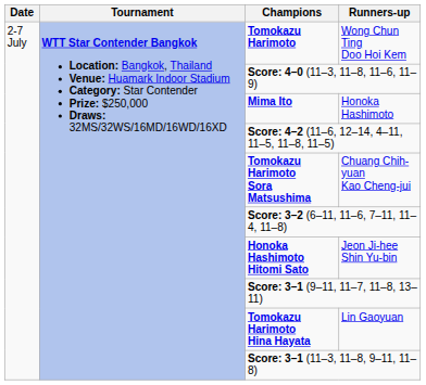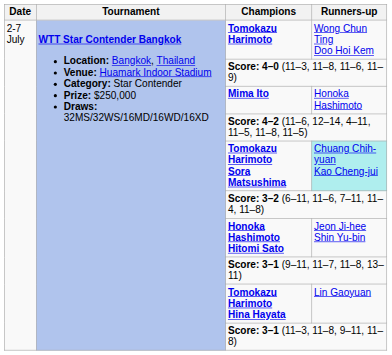 <table class="wikitable">
 <tr>
 <th scope=col>Date</th>
 <th scope=col>Tournament</th>
 <th scope=col>Champions</th>
 <th scope=col>Runners-up</th>
 </tr>
 <tr valign=top>
 <td rowspan=10>2-7 July</td>
 <td style="background:#b0c4ed;" rowspan="10"><br><strong><a href='#'>WTT Star Contender Bangkok</a></strong><ul><li><strong>Location:</strong> <a href='#'>Bangkok</a>, <a href='#'>Thailand</a></li><li><strong>Venue:</strong> <a href='#'>Huamark Indoor Stadium</a></li><li><strong>Category:</strong> Star Contender</li><li><strong>Prize:</strong> $250,000</li><li><strong>Draws:</strong> 32MS/32WS/16MD/16WD/16XD</li></ul></td>
 <td><strong> <a href='#'>Tomokazu Harimoto</a></strong></td>
 <td> <a href='#'>Wong Chun Ting</a><br> <a href='#'>Doo Hoi Kem</a></td>
 </tr>
 <tr>
 <td colspan=2><strong>Score: 4–0</strong> (11–3, 11–8, 11–6, 11–9)</td>
 </tr>
 <tr valign=top>
 <td><strong> <a href='#'>Mima Ito</a></strong></td>
 <td> <a href='#'>Honoka Hashimoto</a></td>
 </tr>
 <tr>
 <td colspan=2><strong>Score: 4–2</strong> (11–6, 12–14, 4–11, 11–5, 11–8, 11–5)</td>
 </tr>
 <tr valign=top>
 <td><strong> <a href='#'>Tomokazu Harimoto</a><br> <a href='#'>Sora Matsushima</a></strong></td>
-<td> <a href='#'>Chuang Chih-yuan</a><br> <a href='#'>Kao Cheng-jui</a></td>
+<td style="background: paleturquoise;"> <a href='#'>Chuang Chih-yuan</a><br> <a href='#'>Kao Cheng-jui</a></td>
 </tr>
 <tr>
 <td colspan=2><strong>Score: 3–2</strong> (6–11, 11–6, 7–11, 11–4, 11–8)</td>
 </tr>
 <tr valign=top>
 <td><strong> <a href='#'>Honoka Hashimoto</a><br> <a href='#'>Hitomi Sato</a></strong></td>
 <td> <a href='#'>Jeon Ji-hee</a><br> <a href='#'>Shin Yu-bin</a></td>
 </tr>
 <tr>
 <td colspan=2><strong>Score: 3–1</strong> (9–11, 11–7, 11–8, 13–11)</td>
 </tr>
 <tr valign=top>
 <td><strong> <a href='#'>Tomokazu Harimoto</a><br> <a href='#'>Hina Hayata</a></strong></td>
 <td> <a href='#'>Lin Gaoyuan</a></td>
 </tr>
 <tr>
 <td colspan=2><strong>Score: 3–1</strong> (11–3, 11–8, 9–11, 11–8)</td>
 </tr>
 </table>
